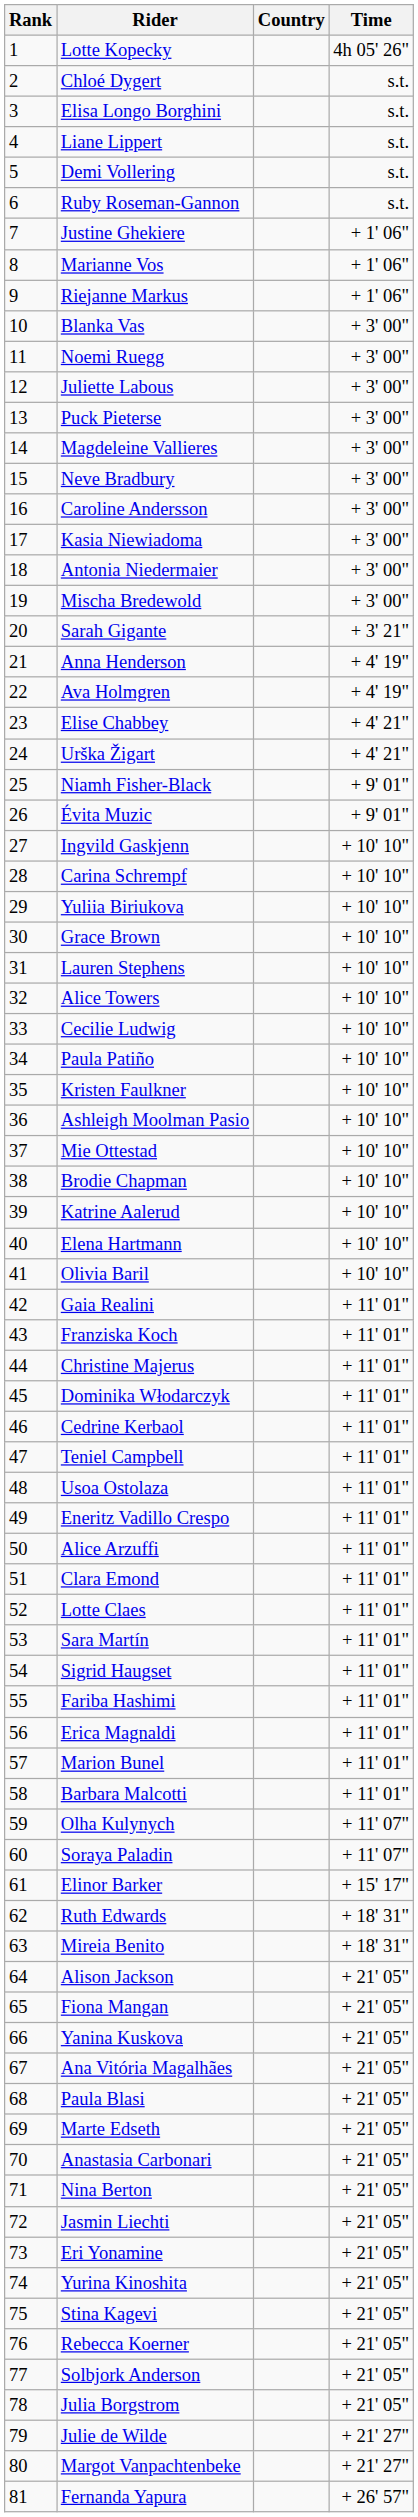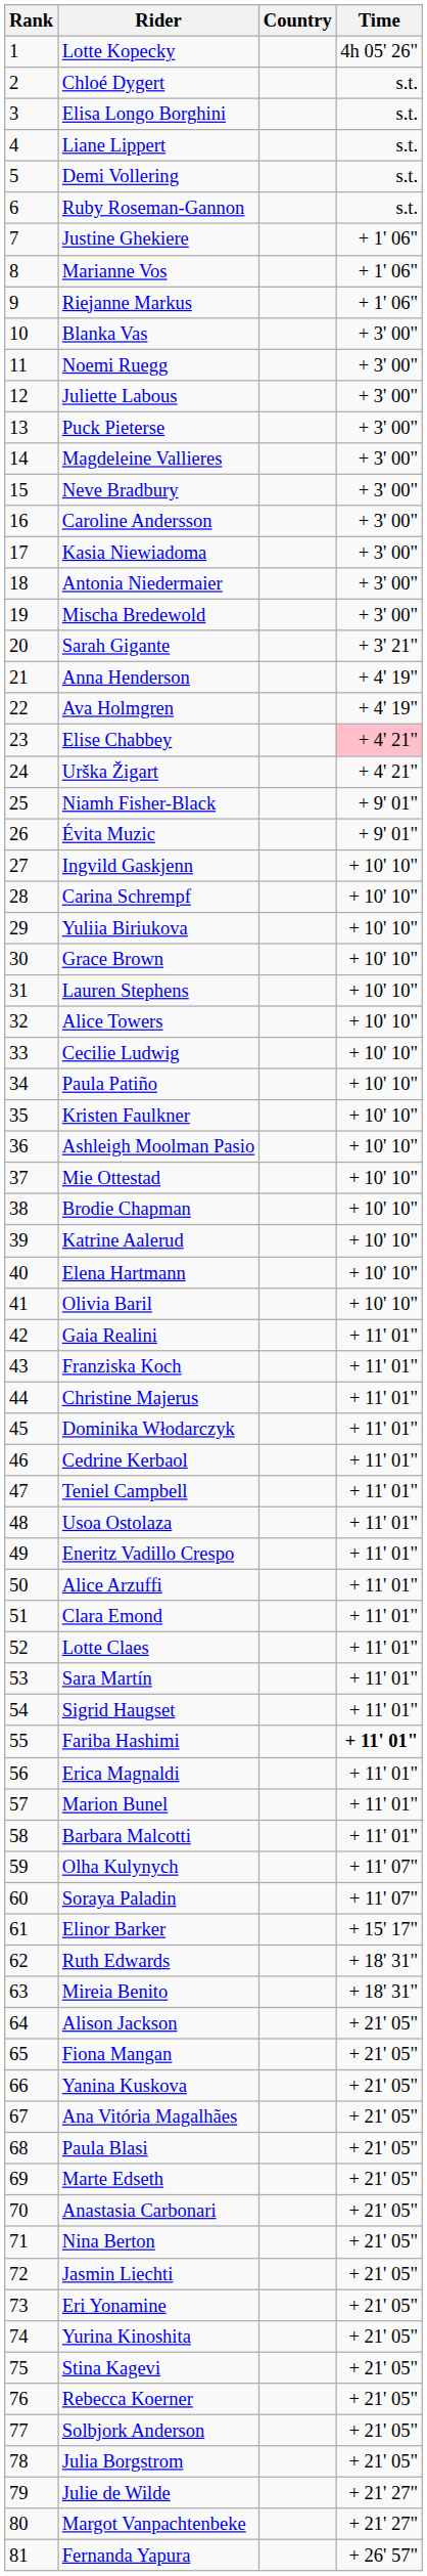 <table class="wikitable sortable" style="font-size:95%; text-align:left;">
 <tr>
 <th>Rank</th>
 <th>Rider</th>
 <th>Country</th>
 <th>Time</th>
 </tr>
 <tr>
 <td>1</td>
 <td><a href='#'>Lotte Kopecky</a></td>
 <td></td>
 <td align=right>4h 05' 26"</td>
 </tr>
 <tr>
 <td>2</td>
 <td><a href='#'>Chloé Dygert</a></td>
 <td></td>
 <td align=right>s.t.</td>
 </tr>
 <tr>
 <td>3</td>
 <td><a href='#'>Elisa Longo Borghini</a></td>
 <td></td>
 <td align=right>s.t.</td>
 </tr>
 <tr>
 <td>4</td>
 <td><a href='#'>Liane Lippert</a></td>
 <td></td>
 <td align=right>s.t.</td>
 </tr>
 <tr>
 <td>5</td>
 <td><a href='#'>Demi Vollering</a></td>
 <td></td>
 <td align=right>s.t.</td>
 </tr>
 <tr>
 <td>6</td>
 <td><a href='#'>Ruby Roseman-Gannon</a></td>
 <td></td>
 <td align=right>s.t.</td>
 </tr>
 <tr>
 <td>7</td>
 <td><a href='#'>Justine Ghekiere</a></td>
 <td></td>
 <td align=right>+ 1' 06"</td>
 </tr>
 <tr>
 <td>8</td>
 <td><a href='#'>Marianne Vos</a></td>
 <td></td>
 <td align=right>+ 1' 06"</td>
 </tr>
 <tr>
 <td>9</td>
 <td><a href='#'>Riejanne Markus</a></td>
 <td></td>
 <td align=right>+ 1' 06"</td>
 </tr>
 <tr>
 <td>10</td>
 <td><a href='#'>Blanka Vas</a></td>
 <td></td>
 <td align=right>+ 3' 00"</td>
 </tr>
 <tr>
 <td>11</td>
 <td><a href='#'>Noemi Ruegg</a></td>
 <td></td>
 <td align=right>+ 3' 00"</td>
 </tr>
 <tr>
 <td>12</td>
 <td><a href='#'>Juliette Labous</a></td>
 <td></td>
 <td align=right>+ 3' 00"</td>
 </tr>
 <tr>
 <td>13</td>
 <td><a href='#'>Puck Pieterse</a></td>
 <td></td>
 <td align=right>+ 3' 00"</td>
 </tr>
 <tr>
 <td>14</td>
 <td><a href='#'>Magdeleine Vallieres</a></td>
 <td></td>
 <td align=right>+ 3' 00"</td>
 </tr>
 <tr>
 <td>15</td>
 <td><a href='#'>Neve Bradbury</a></td>
 <td></td>
 <td align=right>+ 3' 00"</td>
 </tr>
 <tr>
 <td>16</td>
 <td><a href='#'>Caroline Andersson</a></td>
 <td></td>
 <td align=right>+ 3' 00"</td>
 </tr>
 <tr>
 <td>17</td>
 <td><a href='#'>Kasia Niewiadoma</a></td>
 <td></td>
 <td align=right>+ 3' 00"</td>
 </tr>
 <tr>
 <td>18</td>
 <td><a href='#'>Antonia Niedermaier</a></td>
 <td></td>
 <td align=right>+ 3' 00"</td>
 </tr>
 <tr>
 <td>19</td>
 <td><a href='#'>Mischa Bredewold</a></td>
 <td></td>
 <td align=right>+ 3' 00"</td>
 </tr>
 <tr>
 <td>20</td>
 <td><a href='#'>Sarah Gigante</a></td>
 <td></td>
 <td align=right>+ 3' 21"</td>
 </tr>
 <tr>
 <td>21</td>
 <td><a href='#'>Anna Henderson</a></td>
 <td></td>
 <td align=right>+ 4' 19"</td>
 </tr>
 <tr>
 <td>22</td>
 <td><a href='#'>Ava Holmgren</a></td>
 <td></td>
 <td align=right>+ 4' 19"</td>
 </tr>
 <tr>
 <td>23</td>
 <td><a href='#'>Elise Chabbey</a></td>
 <td></td>
-<td align=right>+ 4' 21"</td>
+<td align=right style="background: pink;">+ 4' 21"</td>
 </tr>
 <tr>
 <td>24</td>
 <td><a href='#'>Urška Žigart</a></td>
 <td></td>
 <td align=right>+ 4' 21"</td>
 </tr>
 <tr>
 <td>25</td>
 <td><a href='#'>Niamh Fisher-Black</a></td>
 <td></td>
 <td align=right>+ 9' 01"</td>
 </tr>
 <tr>
 <td>26</td>
 <td><a href='#'>Évita Muzic</a></td>
 <td></td>
 <td align=right>+ 9' 01"</td>
 </tr>
 <tr>
 <td>27</td>
 <td><a href='#'>Ingvild Gaskjenn</a></td>
 <td></td>
 <td align=right>+ 10' 10"</td>
 </tr>
 <tr>
 <td>28</td>
 <td><a href='#'>Carina Schrempf</a></td>
 <td></td>
 <td align=right>+ 10' 10"</td>
 </tr>
 <tr>
 <td>29</td>
 <td><a href='#'>Yuliia Biriukova</a></td>
 <td></td>
 <td align=right>+ 10' 10"</td>
 </tr>
 <tr>
 <td>30</td>
 <td><a href='#'>Grace Brown</a></td>
 <td></td>
 <td align=right>+ 10' 10"</td>
 </tr>
 <tr>
 <td>31</td>
 <td><a href='#'>Lauren Stephens</a></td>
 <td></td>
 <td align=right>+ 10' 10"</td>
 </tr>
 <tr>
 <td>32</td>
 <td><a href='#'>Alice Towers</a></td>
 <td></td>
 <td align=right>+ 10' 10"</td>
 </tr>
 <tr>
 <td>33</td>
 <td><a href='#'>Cecilie Ludwig</a></td>
 <td></td>
 <td align=right>+ 10' 10"</td>
 </tr>
 <tr>
 <td>34</td>
 <td><a href='#'>Paula Patiño</a></td>
 <td></td>
 <td align=right>+ 10' 10"</td>
 </tr>
 <tr>
 <td>35</td>
 <td><a href='#'>Kristen Faulkner</a></td>
 <td></td>
 <td align=right>+ 10' 10"</td>
 </tr>
 <tr>
 <td>36</td>
 <td><a href='#'>Ashleigh Moolman Pasio</a></td>
 <td></td>
 <td align=right>+ 10' 10"</td>
 </tr>
 <tr>
 <td>37</td>
 <td><a href='#'>Mie Ottestad</a></td>
 <td></td>
 <td align=right>+ 10' 10"</td>
 </tr>
 <tr>
 <td>38</td>
 <td><a href='#'>Brodie Chapman</a></td>
 <td></td>
 <td align=right>+ 10' 10"</td>
 </tr>
 <tr>
 <td>39</td>
 <td><a href='#'>Katrine Aalerud</a></td>
 <td></td>
 <td align=right>+ 10' 10"</td>
 </tr>
 <tr>
 <td>40</td>
 <td><a href='#'>Elena Hartmann</a></td>
 <td></td>
 <td align=right>+ 10' 10"</td>
 </tr>
 <tr>
 <td>41</td>
 <td><a href='#'>Olivia Baril</a></td>
 <td></td>
 <td align=right>+ 10' 10"</td>
 </tr>
 <tr>
 <td>42</td>
 <td><a href='#'>Gaia Realini</a></td>
 <td></td>
 <td align=right>+ 11' 01"</td>
 </tr>
 <tr>
 <td>43</td>
 <td><a href='#'>Franziska Koch</a></td>
 <td></td>
 <td align=right>+ 11' 01"</td>
 </tr>
 <tr>
 <td>44</td>
 <td><a href='#'>Christine Majerus</a></td>
 <td></td>
 <td align=right>+ 11' 01"</td>
 </tr>
 <tr>
 <td>45</td>
 <td><a href='#'>Dominika Włodarczyk</a></td>
 <td></td>
 <td align=right>+ 11' 01"</td>
 </tr>
 <tr>
 <td>46</td>
 <td><a href='#'>Cedrine Kerbaol</a></td>
 <td></td>
 <td align=right>+ 11' 01"</td>
 </tr>
 <tr>
 <td>47</td>
 <td><a href='#'>Teniel Campbell</a></td>
 <td></td>
 <td align=right>+ 11' 01"</td>
 </tr>
 <tr>
 <td>48</td>
 <td><a href='#'>Usoa Ostolaza</a></td>
 <td></td>
 <td align=right>+ 11' 01"</td>
 </tr>
 <tr>
 <td>49</td>
 <td><a href='#'>Eneritz Vadillo Crespo</a></td>
 <td></td>
 <td align=right>+ 11' 01"</td>
 </tr>
 <tr>
 <td>50</td>
 <td><a href='#'>Alice Arzuffi</a></td>
 <td></td>
 <td align=right>+ 11' 01"</td>
 </tr>
 <tr>
 <td>51</td>
 <td><a href='#'>Clara Emond</a></td>
 <td></td>
 <td align=right>+ 11' 01"</td>
 </tr>
 <tr>
 <td>52</td>
 <td><a href='#'>Lotte Claes</a></td>
 <td></td>
 <td align=right>+ 11' 01"</td>
 </tr>
 <tr>
 <td>53</td>
 <td><a href='#'>Sara Martín</a></td>
 <td></td>
 <td align=right>+ 11' 01"</td>
 </tr>
 <tr>
 <td>54</td>
 <td><a href='#'>Sigrid Haugset</a></td>
 <td></td>
 <td align=right>+ 11' 01"</td>
 </tr>
 <tr>
 <td>55</td>
 <td><a href='#'>Fariba Hashimi</a></td>
 <td></td>
-<td align=right>+ 11' 01"</td>
+<td align=right><strong>+ 11' 01"</strong></td>
 </tr>
 <tr>
 <td>56</td>
 <td><a href='#'>Erica Magnaldi</a></td>
 <td></td>
 <td align=right>+ 11' 01"</td>
 </tr>
 <tr>
 <td>57</td>
 <td><a href='#'>Marion Bunel</a></td>
 <td></td>
 <td align=right>+ 11' 01"</td>
 </tr>
 <tr>
 <td>58</td>
 <td><a href='#'>Barbara Malcotti</a></td>
 <td></td>
 <td align=right>+ 11' 01"</td>
 </tr>
 <tr>
 <td>59</td>
 <td><a href='#'>Olha Kulynych</a></td>
 <td></td>
 <td align=right>+ 11' 07"</td>
 </tr>
 <tr>
 <td>60</td>
 <td><a href='#'>Soraya Paladin</a></td>
 <td></td>
 <td align=right>+ 11' 07"</td>
 </tr>
 <tr>
 <td>61</td>
 <td><a href='#'>Elinor Barker</a></td>
 <td></td>
 <td align=right>+ 15' 17"</td>
 </tr>
 <tr>
 <td>62</td>
 <td><a href='#'>Ruth Edwards</a></td>
 <td></td>
 <td align=right>+ 18' 31"</td>
 </tr>
 <tr>
 <td>63</td>
 <td><a href='#'>Mireia Benito</a></td>
 <td></td>
 <td align=right>+ 18' 31"</td>
 </tr>
 <tr>
 <td>64</td>
 <td><a href='#'>Alison Jackson</a></td>
 <td></td>
 <td align=right>+ 21' 05"</td>
 </tr>
 <tr>
 <td>65</td>
 <td><a href='#'>Fiona Mangan</a></td>
 <td></td>
 <td align=right>+ 21' 05"</td>
 </tr>
 <tr>
 <td>66</td>
 <td><a href='#'>Yanina Kuskova</a></td>
 <td></td>
 <td align=right>+ 21' 05"</td>
 </tr>
 <tr>
 <td>67</td>
 <td><a href='#'>Ana Vitória Magalhães</a></td>
 <td></td>
 <td align=right>+ 21' 05"</td>
 </tr>
 <tr>
 <td>68</td>
 <td><a href='#'>Paula Blasi</a></td>
 <td></td>
 <td align=right>+ 21' 05"</td>
 </tr>
 <tr>
 <td>69</td>
 <td><a href='#'>Marte Edseth</a></td>
 <td></td>
 <td align=right>+ 21' 05"</td>
 </tr>
 <tr>
 <td>70</td>
 <td><a href='#'>Anastasia Carbonari</a></td>
 <td></td>
 <td align=right>+ 21' 05"</td>
 </tr>
 <tr>
 <td>71</td>
 <td><a href='#'>Nina Berton</a></td>
 <td></td>
 <td align=right>+ 21' 05"</td>
 </tr>
 <tr>
 <td>72</td>
 <td><a href='#'>Jasmin Liechti</a></td>
 <td></td>
 <td align=right>+ 21' 05"</td>
 </tr>
 <tr>
 <td>73</td>
 <td><a href='#'>Eri Yonamine</a></td>
 <td></td>
 <td align=right>+ 21' 05"</td>
 </tr>
 <tr>
 <td>74</td>
 <td><a href='#'>Yurina Kinoshita</a></td>
 <td></td>
 <td align=right>+ 21' 05"</td>
 </tr>
 <tr>
 <td>75</td>
 <td><a href='#'>Stina Kagevi</a></td>
 <td></td>
 <td align=right>+ 21' 05"</td>
 </tr>
 <tr>
 <td>76</td>
 <td><a href='#'>Rebecca Koerner</a></td>
 <td></td>
 <td align=right>+ 21' 05"</td>
 </tr>
 <tr>
 <td>77</td>
 <td><a href='#'>Solbjork Anderson</a></td>
 <td></td>
 <td align=right>+ 21' 05"</td>
 </tr>
 <tr>
 <td>78</td>
 <td><a href='#'>Julia Borgstrom</a></td>
 <td></td>
 <td align=right>+ 21' 05"</td>
 </tr>
 <tr>
 <td>79</td>
 <td><a href='#'>Julie de Wilde</a></td>
 <td></td>
 <td align=right>+ 21' 27"</td>
 </tr>
 <tr>
 <td>80</td>
 <td><a href='#'>Margot Vanpachtenbeke</a></td>
 <td></td>
 <td align=right>+ 21' 27"</td>
 </tr>
 <tr>
 <td>81</td>
 <td><a href='#'>Fernanda Yapura</a></td>
 <td></td>
 <td align=right>+ 26' 57"</td>
 </tr>
 </table>
